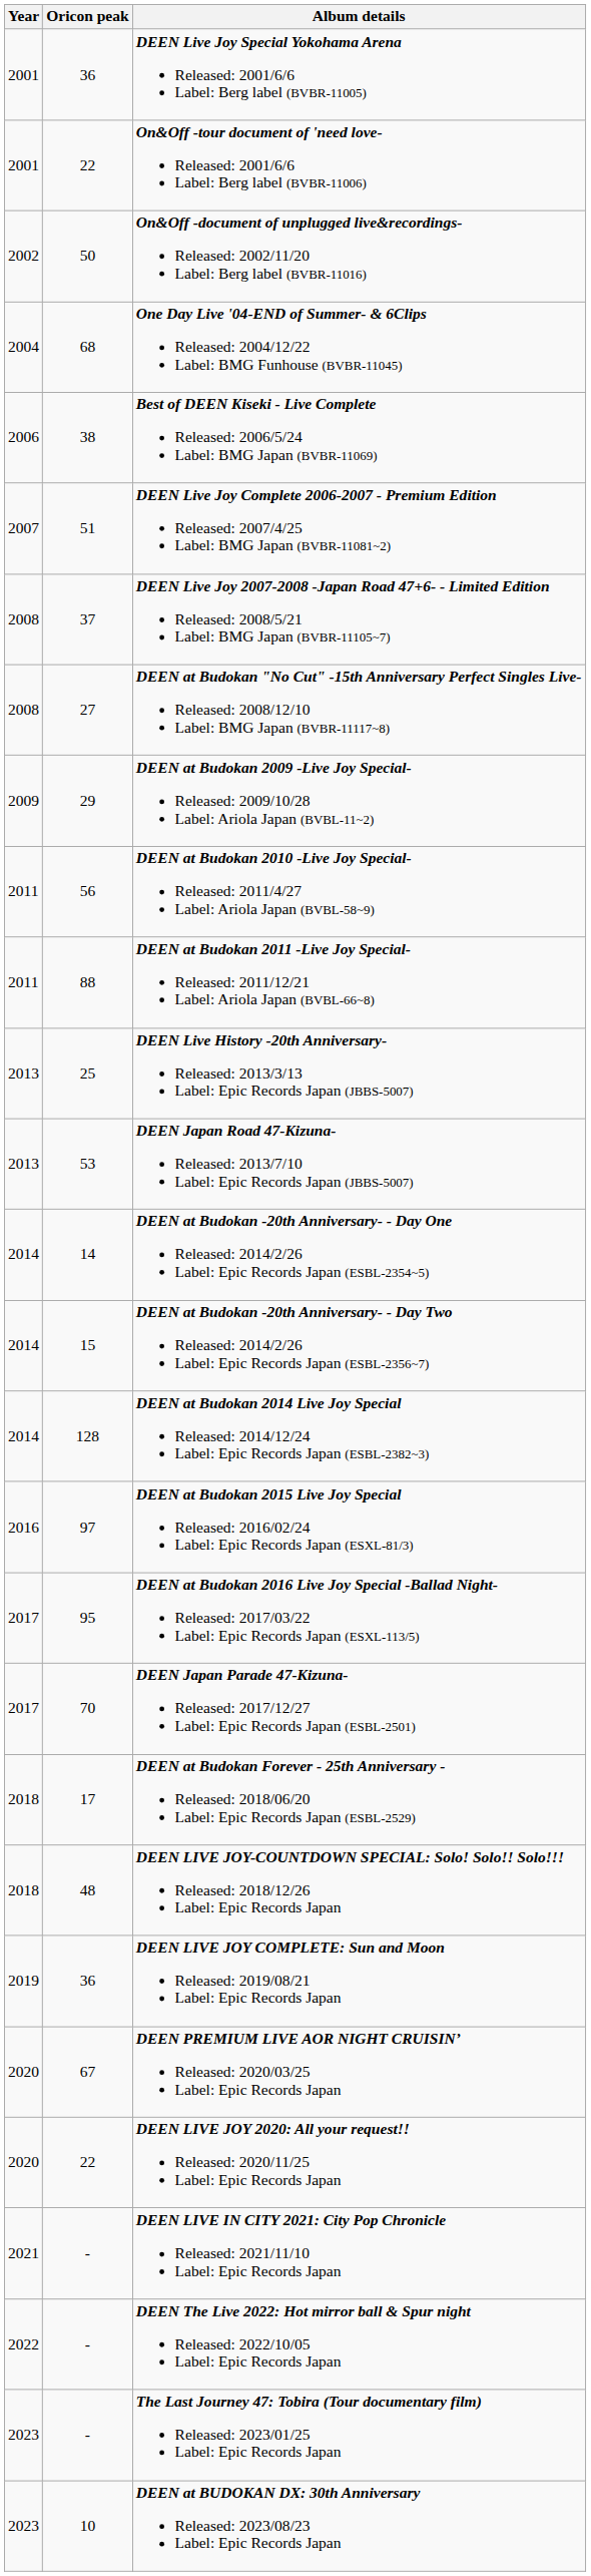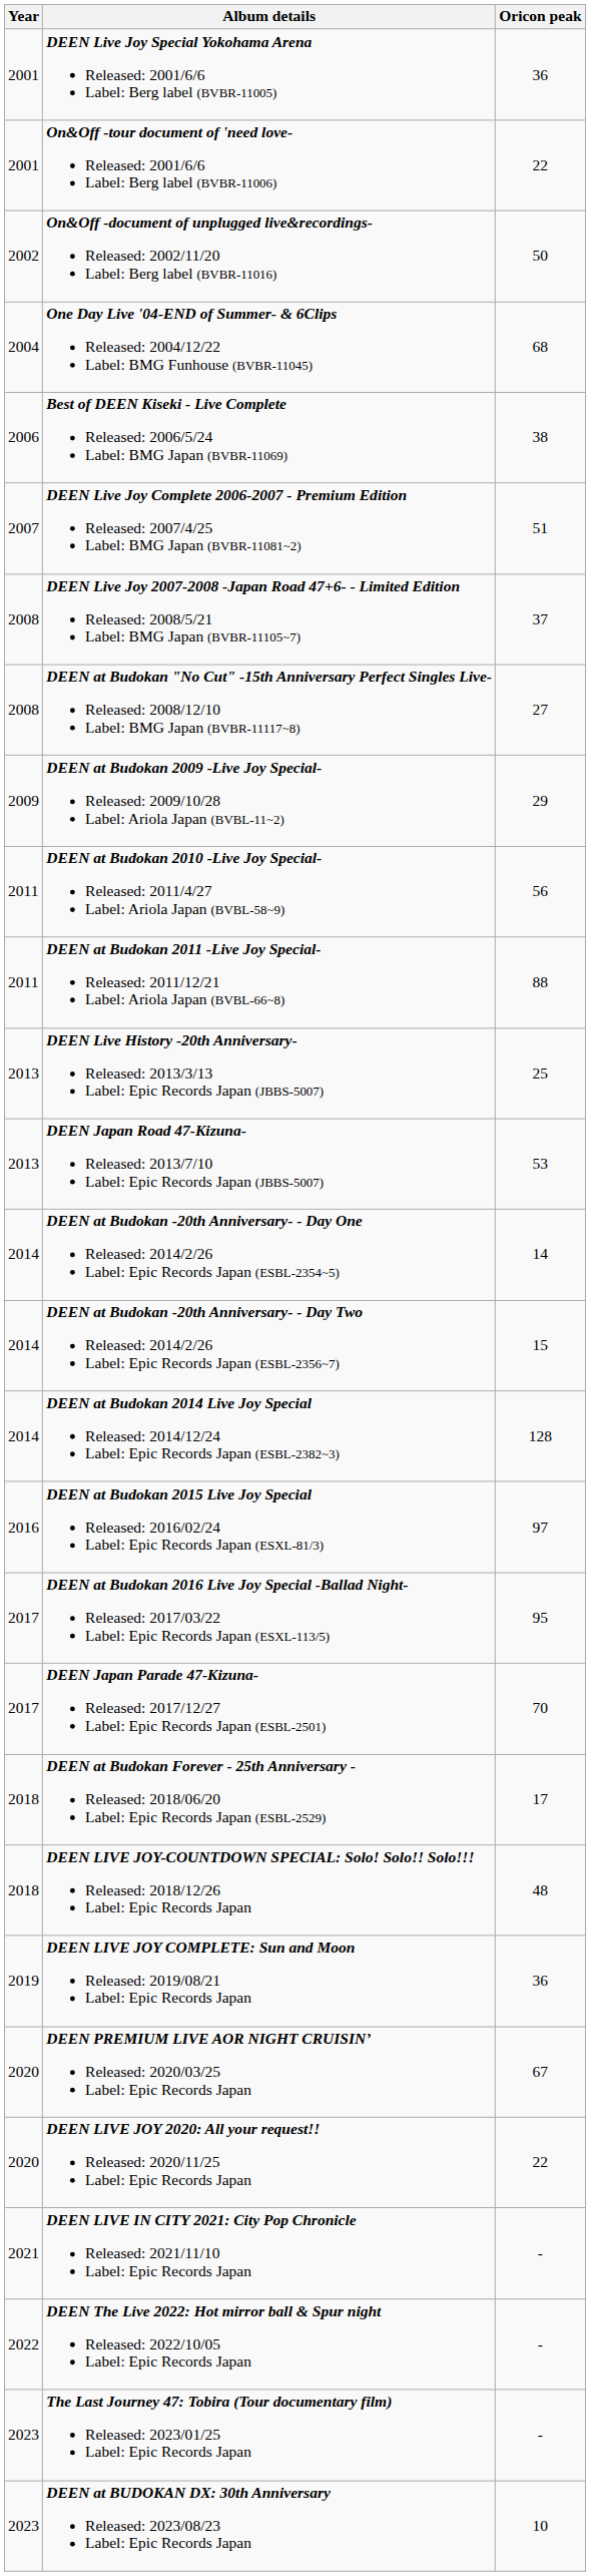 <table class="wikitable">
 <tr>
 <th>Year</th>
+<th>Album details</th>
 <th>Oricon peak</th>
-<th>Album details</th>
 </tr>
 <tr>
 <td>2001</td>
+<td><strong><em>DEEN Live Joy Special Yokohama Arena</em></strong><br><ul><li>Released: 2001/6/6</li><li>Label: Berg label <small>(BVBR-11005)</small></li></ul></td>
 <td align="center">36</td>
-<td><strong><em>DEEN Live Joy Special Yokohama Arena</em></strong><br><ul><li>Released: 2001/6/6</li><li>Label: Berg label <small>(BVBR-11005)</small></li></ul></td>
 </tr>
 <tr>
 <td>2001</td>
+<td><strong><em>On&Off -tour document of 'need love-</em></strong><br><ul><li>Released: 2001/6/6</li><li>Label: Berg label <small>(BVBR-11006)</small></li></ul></td>
 <td align="center">22</td>
-<td><strong><em>On&Off -tour document of 'need love-</em></strong><br><ul><li>Released: 2001/6/6</li><li>Label: Berg label <small>(BVBR-11006)</small></li></ul></td>
 </tr>
 <tr>
 <td>2002</td>
+<td><strong><em>On&Off -document of unplugged live&recordings-</em></strong><br><ul><li>Released: 2002/11/20</li><li>Label: Berg label <small>(BVBR-11016)</small></li></ul></td>
 <td align="center">50</td>
-<td><strong><em>On&Off -document of unplugged live&recordings-</em></strong><br><ul><li>Released: 2002/11/20</li><li>Label: Berg label <small>(BVBR-11016)</small></li></ul></td>
 </tr>
 <tr>
 <td>2004</td>
+<td><strong><em>One Day Live '04-END of Summer- & 6Clips</em></strong><br><ul><li>Released: 2004/12/22</li><li>Label: BMG Funhouse <small>(BVBR-11045)</small></li></ul></td>
 <td align="center">68</td>
-<td><strong><em>One Day Live '04-END of Summer- & 6Clips</em></strong><br><ul><li>Released: 2004/12/22</li><li>Label: BMG Funhouse <small>(BVBR-11045)</small></li></ul></td>
 </tr>
 <tr>
 <td>2006</td>
+<td><strong><em>Best of DEEN Kiseki - Live Complete</em></strong><br><ul><li>Released: 2006/5/24</li><li>Label: BMG Japan <small>(BVBR-11069)</small></li></ul></td>
 <td align="center">38</td>
-<td><strong><em>Best of DEEN Kiseki - Live Complete</em></strong><br><ul><li>Released: 2006/5/24</li><li>Label: BMG Japan <small>(BVBR-11069)</small></li></ul></td>
 </tr>
 <tr>
 <td>2007</td>
+<td><strong><em>DEEN Live Joy Complete 2006-2007 - Premium Edition</em></strong><br><ul><li>Released: 2007/4/25</li><li>Label: BMG Japan <small>(BVBR-11081~2)</small></li></ul></td>
 <td align="center">51</td>
-<td><strong><em>DEEN Live Joy Complete 2006-2007 - Premium Edition</em></strong><br><ul><li>Released: 2007/4/25</li><li>Label: BMG Japan <small>(BVBR-11081~2)</small></li></ul></td>
 </tr>
 <tr>
 <td>2008</td>
+<td><strong><em>DEEN Live Joy 2007-2008 -Japan Road 47+6- - Limited Edition</em></strong><br><ul><li>Released: 2008/5/21</li><li>Label: BMG Japan <small>(BVBR-11105~7)</small></li></ul></td>
 <td align="center">37</td>
-<td><strong><em>DEEN Live Joy 2007-2008 -Japan Road 47+6- - Limited Edition</em></strong><br><ul><li>Released: 2008/5/21</li><li>Label: BMG Japan <small>(BVBR-11105~7)</small></li></ul></td>
 </tr>
 <tr>
 <td>2008</td>
+<td><strong><em>DEEN at Budokan "No Cut" -15th Anniversary Perfect Singles Live-</em></strong><br><ul><li>Released: 2008/12/10</li><li>Label: BMG Japan <small>(BVBR-11117~8)</small></li></ul></td>
 <td align="center">27</td>
-<td><strong><em>DEEN at Budokan "No Cut" -15th Anniversary Perfect Singles Live-</em></strong><br><ul><li>Released: 2008/12/10</li><li>Label: BMG Japan <small>(BVBR-11117~8)</small></li></ul></td>
 </tr>
 <tr>
 <td>2009</td>
+<td><strong><em>DEEN at Budokan 2009 -Live Joy Special-</em></strong><br><ul><li>Released: 2009/10/28</li><li>Label: Ariola Japan <small>(BVBL-11~2)</small></li></ul></td>
 <td align="center">29</td>
-<td><strong><em>DEEN at Budokan 2009 -Live Joy Special-</em></strong><br><ul><li>Released: 2009/10/28</li><li>Label: Ariola Japan <small>(BVBL-11~2)</small></li></ul></td>
 </tr>
 <tr>
 <td>2011</td>
+<td><strong><em>DEEN at Budokan 2010 -Live Joy Special-</em></strong><br><ul><li>Released: 2011/4/27</li><li>Label: Ariola Japan <small>(BVBL-58~9)</small></li></ul></td>
 <td align="center">56</td>
-<td><strong><em>DEEN at Budokan 2010 -Live Joy Special-</em></strong><br><ul><li>Released: 2011/4/27</li><li>Label: Ariola Japan <small>(BVBL-58~9)</small></li></ul></td>
 </tr>
 <tr>
 <td>2011</td>
+<td><strong><em>DEEN at Budokan 2011 -Live Joy Special-</em></strong><br><ul><li>Released: 2011/12/21</li><li>Label: Ariola Japan <small>(BVBL-66~8)</small></li></ul></td>
 <td align="center">88</td>
-<td><strong><em>DEEN at Budokan 2011 -Live Joy Special-</em></strong><br><ul><li>Released: 2011/12/21</li><li>Label: Ariola Japan <small>(BVBL-66~8)</small></li></ul></td>
 </tr>
 <tr>
 <td>2013</td>
+<td><strong><em>DEEN Live History -20th Anniversary-</em></strong><br><ul><li>Released: 2013/3/13</li><li>Label: Epic Records Japan <small>(JBBS-5007)</small></li></ul></td>
 <td align="center">25</td>
-<td><strong><em>DEEN Live History -20th Anniversary-</em></strong><br><ul><li>Released: 2013/3/13</li><li>Label: Epic Records Japan <small>(JBBS-5007)</small></li></ul></td>
 </tr>
 <tr>
 <td>2013</td>
+<td><strong><em>DEEN Japan Road 47-Kizuna-</em></strong><br><ul><li>Released: 2013/7/10</li><li>Label: Epic Records Japan <small>(JBBS-5007)</small></li></ul></td>
 <td align="center">53</td>
-<td><strong><em>DEEN Japan Road 47-Kizuna-</em></strong><br><ul><li>Released: 2013/7/10</li><li>Label: Epic Records Japan <small>(JBBS-5007)</small></li></ul></td>
 </tr>
 <tr>
 <td>2014</td>
+<td><strong><em>DEEN at Budokan -20th Anniversary- - Day One</em></strong><br><ul><li>Released: 2014/2/26</li><li>Label: Epic Records Japan <small>(ESBL-2354~5)</small></li></ul></td>
 <td align="center">14</td>
-<td><strong><em>DEEN at Budokan -20th Anniversary- - Day One</em></strong><br><ul><li>Released: 2014/2/26</li><li>Label: Epic Records Japan <small>(ESBL-2354~5)</small></li></ul></td>
 </tr>
 <tr>
 <td>2014</td>
+<td><strong><em>DEEN at Budokan -20th Anniversary- - Day Two</em></strong><br><ul><li>Released: 2014/2/26</li><li>Label: Epic Records Japan <small>(ESBL-2356~7)</small></li></ul></td>
 <td align="center">15</td>
-<td><strong><em>DEEN at Budokan -20th Anniversary- - Day Two</em></strong><br><ul><li>Released: 2014/2/26</li><li>Label: Epic Records Japan <small>(ESBL-2356~7)</small></li></ul></td>
 </tr>
 <tr>
 <td>2014</td>
+<td><strong><em>DEEN at Budokan 2014 Live Joy Special</em></strong><br><ul><li>Released: 2014/12/24</li><li>Label: Epic Records Japan <small>(ESBL-2382~3)</small></li></ul></td>
 <td align="center">128</td>
-<td><strong><em>DEEN at Budokan 2014 Live Joy Special</em></strong><br><ul><li>Released: 2014/12/24</li><li>Label: Epic Records Japan <small>(ESBL-2382~3)</small></li></ul></td>
 </tr>
 <tr>
 <td>2016</td>
+<td><strong><em>DEEN at Budokan 2015 Live Joy Special</em></strong><br><ul><li>Released: 2016/02/24</li><li>Label: Epic Records Japan <small>(ESXL-81/3)</small></li></ul></td>
 <td align="center">97</td>
-<td><strong><em>DEEN at Budokan 2015 Live Joy Special</em></strong><br><ul><li>Released: 2016/02/24</li><li>Label: Epic Records Japan <small>(ESXL-81/3)</small></li></ul></td>
 </tr>
 <tr>
 <td>2017</td>
+<td><strong><em>DEEN at Budokan 2016 Live Joy Special -Ballad Night-</em></strong><br><ul><li>Released: 2017/03/22</li><li>Label: Epic Records Japan <small>(ESXL-113/5)</small></li></ul></td>
 <td align="center">95</td>
-<td><strong><em>DEEN at Budokan 2016 Live Joy Special -Ballad Night-</em></strong><br><ul><li>Released: 2017/03/22</li><li>Label: Epic Records Japan <small>(ESXL-113/5)</small></li></ul></td>
 </tr>
 <tr>
 <td>2017</td>
+<td><strong><em>DEEN Japan Parade 47-Kizuna-</em></strong><br><ul><li>Released: 2017/12/27</li><li>Label: Epic Records Japan <small>(ESBL-2501)</small></li></ul></td>
 <td align="center">70</td>
-<td><strong><em>DEEN Japan Parade 47-Kizuna-</em></strong><br><ul><li>Released: 2017/12/27</li><li>Label: Epic Records Japan <small>(ESBL-2501)</small></li></ul></td>
 </tr>
 <tr>
 <td>2018</td>
+<td><strong><em>DEEN at Budokan Forever - 25th Anniversary -</em></strong><br><ul><li>Released: 2018/06/20</li><li>Label: Epic Records Japan <small>(ESBL-2529)</small></li></ul></td>
 <td align="center">17</td>
-<td><strong><em>DEEN at Budokan Forever - 25th Anniversary -</em></strong><br><ul><li>Released: 2018/06/20</li><li>Label: Epic Records Japan <small>(ESBL-2529)</small></li></ul></td>
 </tr>
 <tr>
 <td>2018</td>
+<td><strong><em>DEEN LIVE JOY-COUNTDOWN SPECIAL: Solo! Solo!! Solo!!!</em></strong><br><ul><li>Released: 2018/12/26</li><li>Label: Epic Records Japan</li></ul></td>
 <td align="center">48</td>
-<td><strong><em>DEEN LIVE JOY-COUNTDOWN SPECIAL: Solo! Solo!! Solo!!!</em></strong><br><ul><li>Released: 2018/12/26</li><li>Label: Epic Records Japan</li></ul></td>
 </tr>
 <tr>
 <td>2019</td>
+<td><strong><em>DEEN LIVE JOY COMPLETE: Sun and Moon</em></strong><br><ul><li>Released: 2019/08/21</li><li>Label: Epic Records Japan</li></ul></td>
 <td align="center">36</td>
-<td><strong><em>DEEN LIVE JOY COMPLETE: Sun and Moon</em></strong><br><ul><li>Released: 2019/08/21</li><li>Label: Epic Records Japan</li></ul></td>
 </tr>
 <tr>
 <td>2020</td>
+<td><strong><em>DEEN PREMIUM LIVE AOR NIGHT CRUISIN’</em></strong><br><ul><li>Released: 2020/03/25</li><li>Label: Epic Records Japan</li></ul></td>
 <td align="center">67</td>
-<td><strong><em>DEEN PREMIUM LIVE AOR NIGHT CRUISIN’</em></strong><br><ul><li>Released: 2020/03/25</li><li>Label: Epic Records Japan</li></ul></td>
 </tr>
 <tr>
 <td>2020</td>
+<td><strong><em>DEEN LIVE JOY 2020: All your request!!</em></strong><br><ul><li>Released: 2020/11/25</li><li>Label: Epic Records Japan</li></ul></td>
 <td align="center">22</td>
-<td><strong><em>DEEN LIVE JOY 2020: All your request!!</em></strong><br><ul><li>Released: 2020/11/25</li><li>Label: Epic Records Japan</li></ul></td>
 </tr>
 <tr>
 <td>2021</td>
+<td><strong><em>DEEN LIVE IN CITY 2021: City Pop Chronicle</em></strong><br><ul><li>Released: 2021/11/10</li><li>Label: Epic Records Japan</li></ul></td>
 <td align="center">-</td>
-<td><strong><em>DEEN LIVE IN CITY 2021: City Pop Chronicle</em></strong><br><ul><li>Released: 2021/11/10</li><li>Label: Epic Records Japan</li></ul></td>
 </tr>
 <tr>
 <td>2022</td>
+<td><strong><em>DEEN The Live 2022: Hot mirror ball & Spur night</em></strong><br><ul><li>Released: 2022/10/05</li><li>Label: Epic Records Japan</li></ul></td>
 <td align="center">-</td>
-<td><strong><em>DEEN The Live 2022: Hot mirror ball & Spur night</em></strong><br><ul><li>Released: 2022/10/05</li><li>Label: Epic Records Japan</li></ul></td>
 </tr>
 <tr>
 <td>2023</td>
+<td><strong><em>The Last Journey 47: Tobira (Tour documentary film)</em></strong><br><ul><li>Released: 2023/01/25</li><li>Label: Epic Records Japan</li></ul></td>
 <td align="center">-</td>
-<td><strong><em>The Last Journey 47: Tobira (Tour documentary film)</em></strong><br><ul><li>Released: 2023/01/25</li><li>Label: Epic Records Japan</li></ul></td>
 </tr>
 <tr>
 <td>2023</td>
+<td><strong><em>DEEN at BUDOKAN DX: 30th Anniversary</em></strong><br><ul><li>Released: 2023/08/23</li><li>Label: Epic Records Japan</li></ul></td>
 <td align="center">10</td>
-<td><strong><em>DEEN at BUDOKAN DX: 30th Anniversary</em></strong><br><ul><li>Released: 2023/08/23</li><li>Label: Epic Records Japan</li></ul></td>
 </tr>
 </table>
